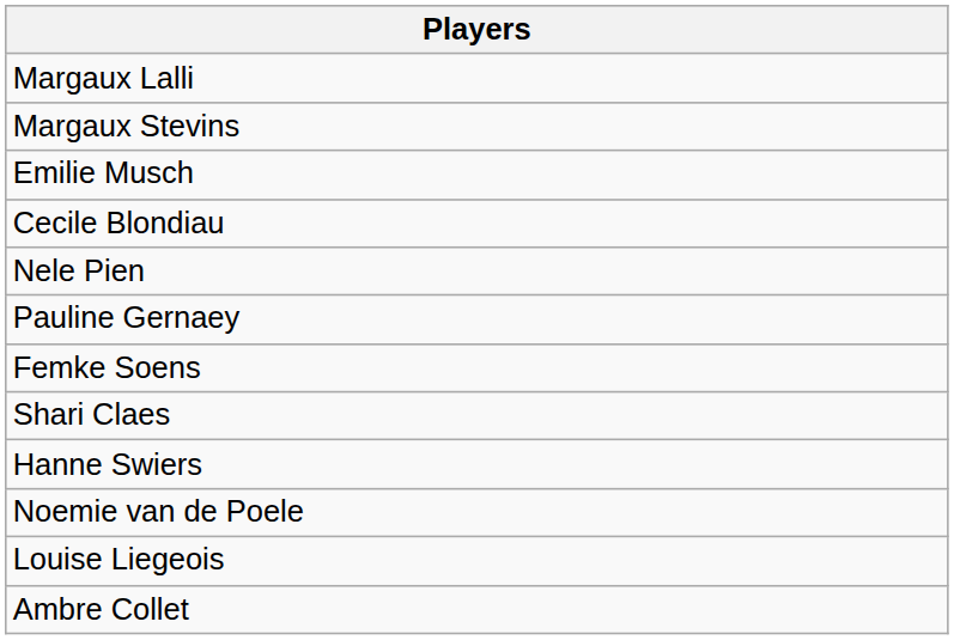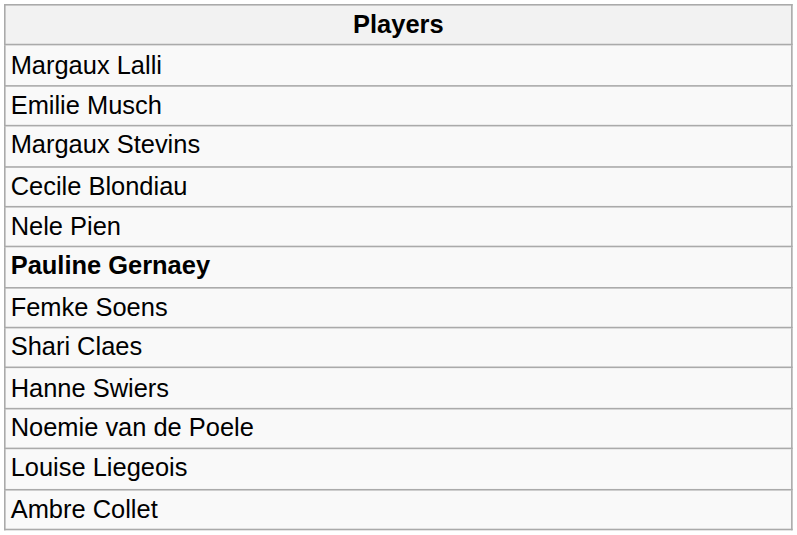 <table class="wikitable" style="width:25%">
 <tr>
 <th>Players</th>
 </tr>
 <tr>
 <td>Margaux Lalli</td>
 </tr>
 <tr>
-<td>Margaux Stevins</td>
+<td>Emilie Musch</td>
 </tr>
 <tr>
-<td>Emilie Musch</td>
+<td>Margaux Stevins</td>
 </tr>
 <tr>
 <td>Cecile Blondiau</td>
 </tr>
 <tr>
 <td>Nele Pien</td>
 </tr>
 <tr>
-<td>Pauline Gernaey</td>
+<td><strong>Pauline Gernaey</strong></td>
 </tr>
 <tr>
 <td>Femke Soens</td>
 </tr>
 <tr>
 <td>Shari Claes</td>
 </tr>
 <tr>
 <td>Hanne Swiers</td>
 </tr>
 <tr>
 <td>Noemie van de Poele</td>
 </tr>
 <tr>
 <td>Louise Liegeois</td>
 </tr>
 <tr>
 <td>Ambre Collet</td>
 </tr>
 </table>
